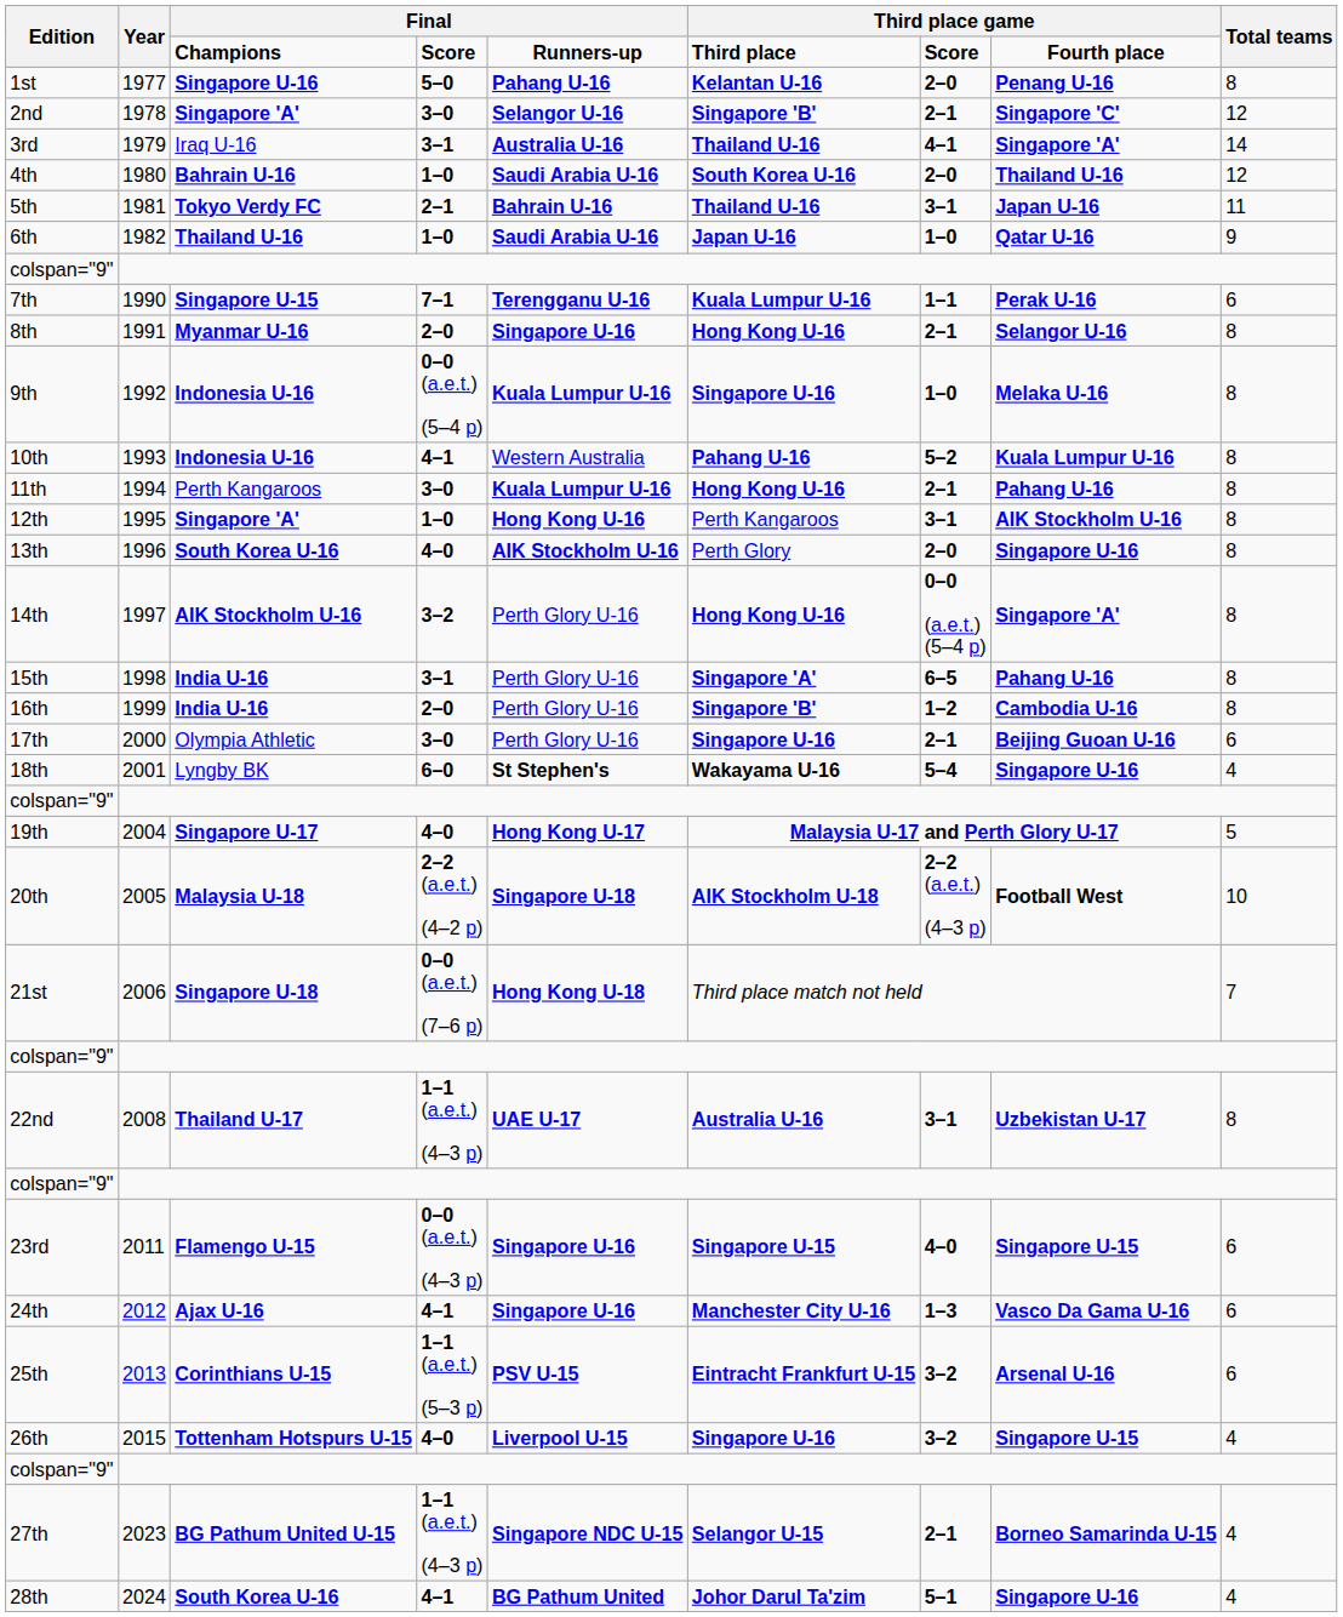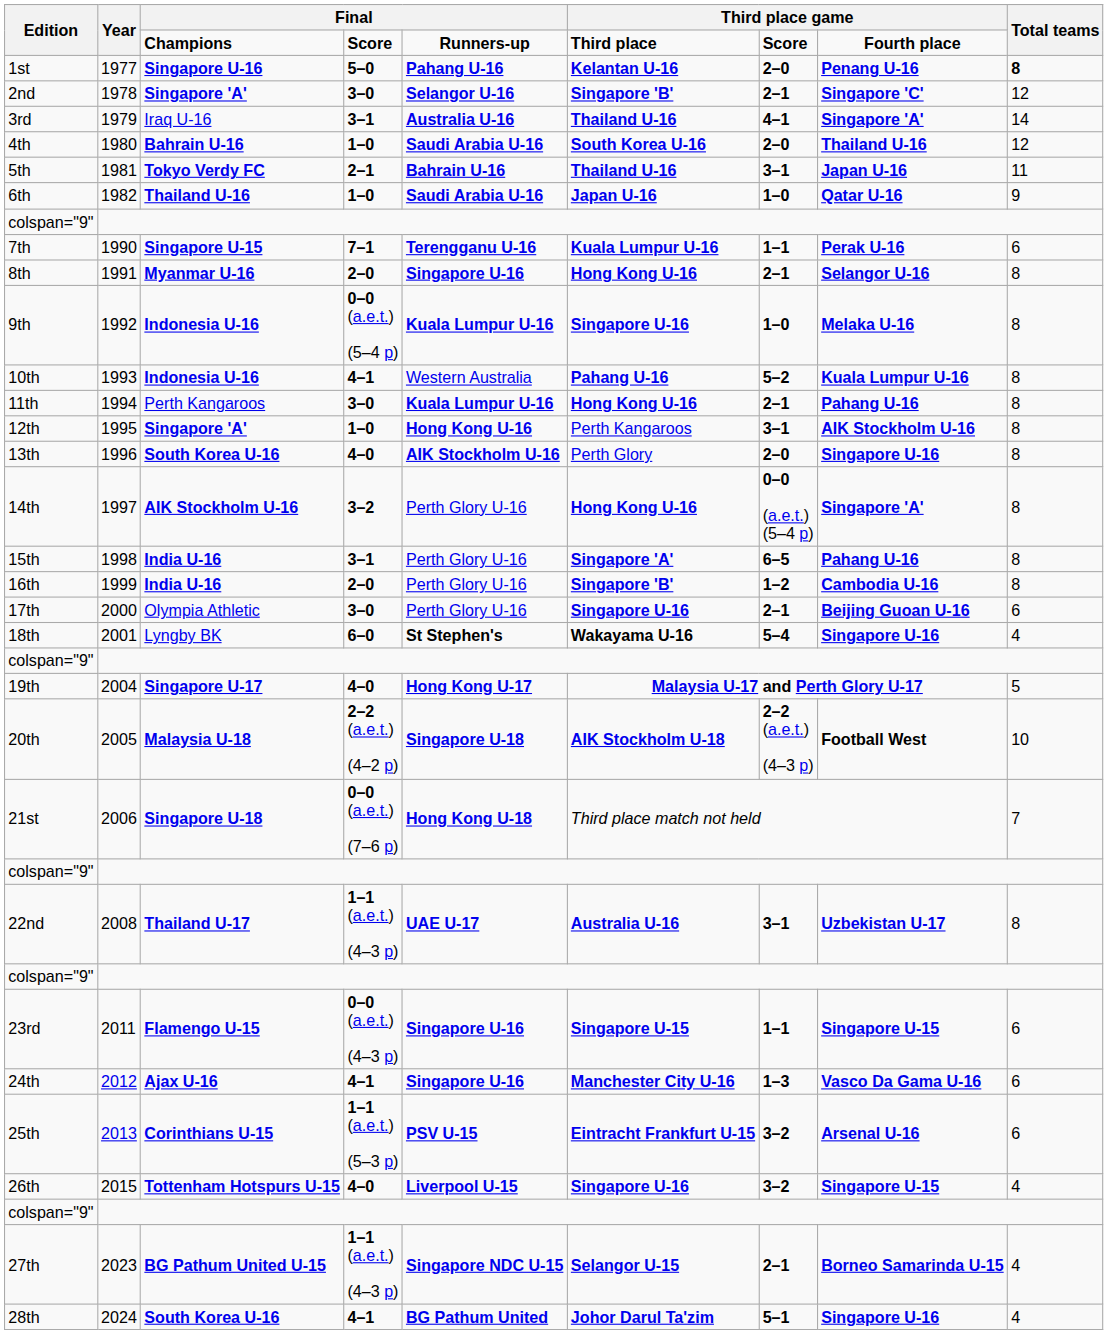 <table class="wikitable defaultcenter col3left col5left col6left col8left" style="font-size: 95%;">
 <tr>
 <th rowspan="2">Edition</th>
 <th rowspan="2">Year</th>
 <th colspan="3">Final</th>
 <th colspan="3">Third place game</th>
 <th rowspan="2">Total teams</th>
 </tr>
 <tr>
 <td><strong>Champions</strong></td>
 <td><strong>Score</strong></td>
 <td style="text-align:center;"><strong>Runners-up</strong></td>
 <td><strong>Third place</strong></td>
 <td><strong>Score</strong></td>
 <td style="text-align:center;"><strong>Fourth place</strong></td>
 </tr>
 <tr>
 <td>1st</td>
 <td>1977</td>
 <td><strong> <a href='#'>Singapore U-16</a></strong></td>
 <td><strong>5–0</strong></td>
 <td><strong> <a href='#'>Pahang U-16</a></strong></td>
 <td><strong> <a href='#'>Kelantan U-16</a></strong></td>
 <td><strong>2–0</strong></td>
 <td><strong> <a href='#'>Penang U-16</a></strong></td>
-<td>8</td>
+<td><strong>8</strong></td>
 </tr>
 <tr>
 <td>2nd</td>
 <td>1978</td>
 <td><strong> <a href='#'>Singapore 'A'</a></strong></td>
 <td><strong>3–0</strong></td>
 <td><strong> <a href='#'>Selangor U-16</a></strong></td>
 <td><strong> <a href='#'>Singapore 'B'</a></strong></td>
 <td><strong>2–1</strong></td>
 <td><strong> <a href='#'>Singapore 'C'</a></strong></td>
 <td>12</td>
 </tr>
 <tr>
 <td>3rd</td>
 <td>1979</td>
 <td><strong></strong> <a href='#'>Iraq U-16</a></td>
 <td><strong>3–1</strong></td>
 <td><strong> <a href='#'>Australia U-16</a></strong></td>
 <td><strong> <a href='#'>Thailand U-16</a></strong></td>
 <td><strong>4–1</strong></td>
 <td><strong> <a href='#'>Singapore 'A'</a></strong></td>
 <td>14</td>
 </tr>
 <tr>
 <td>4th</td>
 <td>1980</td>
 <td><strong> <a href='#'>Bahrain U-16</a></strong></td>
 <td><strong>1–0</strong></td>
 <td><strong> <a href='#'>Saudi Arabia U-16</a></strong></td>
 <td><strong> <a href='#'>South Korea U-16</a></strong></td>
 <td><strong>2–0</strong></td>
 <td><strong> <a href='#'>Thailand U-16</a></strong></td>
 <td>12</td>
 </tr>
 <tr>
 <td>5th</td>
 <td>1981</td>
 <td><strong> <a href='#'>Tokyo Verdy FC</a></strong></td>
 <td><strong>2–1</strong></td>
 <td><strong> <a href='#'>Bahrain U-16</a></strong></td>
 <td><strong> <a href='#'>Thailand U-16</a></strong></td>
 <td><strong>3–1</strong></td>
 <td><strong> <a href='#'>Japan U-16</a></strong></td>
 <td>11</td>
 </tr>
 <tr>
 <td>6th</td>
 <td>1982</td>
 <td><strong> <a href='#'>Thailand U-16</a></strong></td>
 <td><strong>1–0</strong></td>
 <td><strong> <a href='#'>Saudi Arabia U-16</a></strong></td>
 <td><strong> <a href='#'>Japan U-16</a></strong></td>
 <td><strong>1–0</strong></td>
 <td><strong> <a href='#'>Qatar U-16</a></strong></td>
 <td>9</td>
 </tr>
 <tr>
 <td>colspan="9" </td>
 </tr>
 <tr>
 <td>7th</td>
 <td>1990</td>
 <td><strong> <a href='#'>Singapore U-15</a></strong></td>
 <td><strong>7–1</strong></td>
 <td><strong> <a href='#'>Terengganu U-16</a></strong></td>
 <td><strong> <a href='#'>Kuala Lumpur U-16</a></strong></td>
 <td><strong>1–1</strong></td>
 <td><strong> <a href='#'>Perak U-16</a></strong></td>
 <td>6</td>
 </tr>
 <tr>
 <td>8th</td>
 <td>1991</td>
 <td><strong> <a href='#'>Myanmar U-16</a></strong></td>
 <td><strong>2–0</strong></td>
 <td><strong> <a href='#'>Singapore U-16</a></strong></td>
 <td><strong> <a href='#'>Hong Kong U-16</a></strong></td>
 <td><strong>2–1</strong></td>
 <td><strong> <a href='#'>Selangor U-16</a></strong></td>
 <td>8</td>
 </tr>
 <tr>
 <td>9th</td>
 <td>1992</td>
 <td><strong> <a href='#'>Indonesia U-16</a></strong></td>
 <td><strong>0–0</strong><br>(<a href='#'>a.e.t.</a>)<br><br>(5–4 <a href='#'>p</a>)</td>
 <td><strong> <a href='#'>Kuala Lumpur U-16</a></strong></td>
 <td><strong> <a href='#'>Singapore U-16</a></strong></td>
 <td><strong>1–0</strong></td>
 <td><strong> <a href='#'>Melaka U-16</a></strong></td>
 <td>8</td>
 </tr>
 <tr>
 <td>10th</td>
 <td>1993</td>
 <td><strong> <a href='#'>Indonesia U-16</a></strong></td>
 <td><strong>4–1</strong></td>
 <td><strong></strong> <a href='#'>Western Australia</a></td>
 <td><strong> <a href='#'>Pahang U-16</a></strong></td>
 <td><strong>5–2</strong></td>
 <td><strong> <a href='#'>Kuala Lumpur U-16</a></strong></td>
 <td>8</td>
 </tr>
 <tr>
 <td>11th</td>
 <td>1994</td>
 <td><strong></strong> <a href='#'>Perth Kangaroos</a></td>
 <td><strong>3–0</strong></td>
 <td><strong> <a href='#'>Kuala Lumpur U-16</a></strong></td>
 <td><strong> <a href='#'>Hong Kong U-16</a></strong></td>
 <td><strong>2–1</strong></td>
 <td><strong> <a href='#'>Pahang U-16</a></strong></td>
 <td>8</td>
 </tr>
 <tr>
 <td>12th</td>
 <td>1995</td>
 <td><strong> <a href='#'>Singapore 'A'</a></strong></td>
 <td><strong>1–0</strong></td>
 <td><strong> <a href='#'>Hong Kong U-16</a></strong></td>
 <td><strong></strong> <a href='#'>Perth Kangaroos</a></td>
 <td><strong>3–1</strong></td>
 <td><strong> <a href='#'>AIK Stockholm U-16</a></strong></td>
 <td>8</td>
 </tr>
 <tr>
 <td>13th</td>
 <td>1996</td>
 <td><strong> <a href='#'>South Korea U-16</a></strong></td>
 <td><strong>4–0</strong></td>
 <td><strong> <a href='#'>AIK Stockholm U-16</a></strong></td>
 <td><strong></strong> <a href='#'>Perth Glory</a></td>
 <td><strong>2–0</strong></td>
 <td><strong> <a href='#'>Singapore U-16</a></strong></td>
 <td>8</td>
 </tr>
 <tr>
 <td>14th</td>
 <td>1997</td>
 <td><strong> <a href='#'>AIK Stockholm U-16</a></strong></td>
 <td><strong>3–2</strong></td>
 <td><strong></strong> <a href='#'>Perth Glory U-16</a></td>
 <td><strong> <a href='#'>Hong Kong U-16</a></strong></td>
 <td><strong>0–0</strong><br><br>(<a href='#'>a.e.t.</a>)<br> (5–4 <a href='#'>p</a>)</td>
 <td><strong> <a href='#'>Singapore 'A'</a></strong></td>
 <td>8</td>
 </tr>
 <tr>
 <td>15th</td>
 <td>1998</td>
 <td><strong> <a href='#'>India U-16</a></strong></td>
 <td><strong>3–1</strong></td>
 <td><strong></strong> <a href='#'>Perth Glory U-16</a></td>
 <td><strong> <a href='#'>Singapore 'A'</a></strong></td>
 <td><strong>6–5</strong></td>
 <td><strong> <a href='#'>Pahang U-16</a></strong></td>
 <td>8</td>
 </tr>
 <tr>
 <td>16th</td>
 <td>1999</td>
 <td><strong> <a href='#'>India U-16</a></strong></td>
 <td><strong>2–0</strong></td>
 <td><strong></strong> <a href='#'>Perth Glory U-16</a></td>
 <td><strong> <a href='#'>Singapore 'B'</a></strong></td>
 <td><strong>1–2</strong></td>
 <td><strong> <a href='#'>Cambodia U-16</a></strong></td>
 <td>8</td>
 </tr>
 <tr>
 <td>17th</td>
 <td>2000</td>
 <td><strong></strong> <a href='#'>Olympia Athletic</a></td>
 <td><strong>3–0</strong></td>
 <td><strong></strong> <a href='#'>Perth Glory U-16</a></td>
 <td><strong> <a href='#'>Singapore U-16</a></strong></td>
 <td><strong>2–1</strong></td>
 <td><strong> <a href='#'>Beijing Guoan U-16</a></strong></td>
 <td>6</td>
 </tr>
 <tr>
 <td>18th</td>
 <td>2001</td>
 <td><strong></strong> <a href='#'>Lyngby BK</a></td>
 <td><strong>6–0</strong></td>
 <td><strong> St Stephen's</strong></td>
 <td><strong> Wakayama U-16</strong></td>
 <td><strong>5–4</strong></td>
 <td><strong> <a href='#'>Singapore U-16</a></strong></td>
 <td>4</td>
 </tr>
 <tr>
 <td>colspan="9" </td>
 </tr>
 <tr>
 <td>19th</td>
 <td>2004</td>
 <td><strong> <a href='#'>Singapore U-17</a></strong></td>
 <td><strong>4–0</strong></td>
 <td><strong> <a href='#'>Hong Kong U-17</a></strong></td>
 <td style="text-align:center;" colspan="3"><strong> <a href='#'>Malaysia U-17</a> and  <a href='#'>Perth Glory U-17</a></strong></td>
 <td>5</td>
 </tr>
 <tr>
 <td>20th</td>
 <td>2005</td>
 <td><strong> <a href='#'>Malaysia U-18</a></strong></td>
 <td><strong>2–2</strong><br>(<a href='#'>a.e.t.</a>)<br><br>(4–2 <a href='#'>p</a>)</td>
 <td><strong> <a href='#'>Singapore U-18</a></strong></td>
 <td><strong> <a href='#'>AIK Stockholm U-18</a></strong></td>
 <td><strong>2–2</strong><br>(<a href='#'>a.e.t.</a>)<br><br>(4–3 <a href='#'>p</a>)</td>
 <td><strong>  Football West</strong></td>
 <td>10</td>
 </tr>
 <tr>
 <td>21st</td>
 <td>2006</td>
 <td><strong> <a href='#'>Singapore U-18</a></strong></td>
 <td><strong>0–0</strong><br>(<a href='#'>a.e.t.</a>)<br><br>(7–6 <a href='#'>p</a>)</td>
 <td><strong> <a href='#'>Hong Kong U-18</a></strong></td>
 <td colspan="3"><em>Third place match not held</em></td>
 <td>7</td>
 </tr>
 <tr>
 <td>colspan="9" </td>
 </tr>
 <tr>
 <td>22nd</td>
 <td>2008</td>
 <td><strong> <a href='#'>Thailand U-17</a></strong></td>
 <td><strong>1–1</strong><br>(<a href='#'>a.e.t.</a>)<br><br>(4–3 <a href='#'>p</a>)</td>
 <td><strong> <a href='#'>UAE U-17</a></strong></td>
 <td><strong> <a href='#'>Australia U-16</a></strong></td>
 <td><strong>3–1</strong></td>
 <td><strong> <a href='#'>Uzbekistan U-17</a></strong></td>
 <td>8</td>
 </tr>
 <tr>
 <td>colspan="9" </td>
 </tr>
 <tr>
 <td>23rd</td>
 <td>2011</td>
 <td><strong> <a href='#'>Flamengo U-15</a></strong></td>
 <td><strong>0–0</strong><br>(<a href='#'>a.e.t.</a>)<br><br>(4–3 <a href='#'>p</a>)</td>
 <td><strong> <a href='#'>Singapore U-16</a></strong></td>
 <td><strong> <a href='#'>Singapore U-15</a></strong></td>
-<td><strong>4–0</strong></td>
+<td><strong>1–1</strong></td>
 <td><strong> <a href='#'>Singapore U-15</a></strong></td>
 <td>6</td>
 </tr>
 <tr>
 <td>24th</td>
 <td><a href='#'>2012</a></td>
 <td><strong> <a href='#'>Ajax U-16</a></strong></td>
 <td><strong>4–1</strong></td>
 <td><strong> <a href='#'>Singapore U-16</a></strong></td>
 <td><strong> <a href='#'>Manchester City U-16</a></strong></td>
 <td><strong>1–3</strong></td>
 <td><strong> <a href='#'>Vasco Da Gama U-16</a></strong></td>
 <td>6</td>
 </tr>
 <tr>
 <td>25th</td>
 <td><a href='#'>2013</a></td>
 <td><strong> <a href='#'>Corinthians U-15</a></strong></td>
 <td><strong>1–1</strong><br>(<a href='#'>a.e.t.</a>)<br><br>(5–3 <a href='#'>p</a>)</td>
 <td><strong> <a href='#'>PSV U-15</a></strong></td>
 <td><strong> <a href='#'>Eintracht Frankfurt U-15</a></strong></td>
 <td><strong>3–2</strong></td>
 <td><strong> <a href='#'>Arsenal U-16</a></strong></td>
 <td>6</td>
 </tr>
 <tr>
 <td>26th</td>
 <td>2015</td>
 <td><strong> <a href='#'>Tottenham Hotspurs U-15</a></strong></td>
 <td><strong>4–0</strong></td>
 <td><strong> <a href='#'>Liverpool U-15</a></strong></td>
 <td><strong> <a href='#'>Singapore U-16</a></strong></td>
 <td><strong>3–2</strong></td>
 <td><strong> <a href='#'>Singapore U-15</a></strong></td>
 <td>4</td>
 </tr>
 <tr>
 <td>colspan="9" </td>
 </tr>
 <tr>
 <td>27th</td>
 <td>2023</td>
 <td><strong> <a href='#'>BG Pathum United U-15</a></strong></td>
 <td><strong>1–1</strong><br>(<a href='#'>a.e.t.</a>)<br><br>(4–3 <a href='#'>p</a>)</td>
 <td><strong> <a href='#'>Singapore NDC U-15</a></strong></td>
 <td><strong> <a href='#'>Selangor U-15</a></strong></td>
 <td><strong>2–1</strong></td>
 <td><strong> <a href='#'>Borneo Samarinda U-15</a></strong></td>
 <td>4</td>
 </tr>
 <tr>
 <td>28th</td>
 <td>2024</td>
 <td><strong> <a href='#'>South Korea U-16</a></strong></td>
 <td><strong>4–1</strong></td>
 <td><strong> <a href='#'>BG Pathum United</a></strong></td>
 <td><strong> <a href='#'>Johor Darul Ta'zim</a></strong></td>
 <td><strong>5–1</strong></td>
 <td><strong> <a href='#'>Singapore U-16</a></strong></td>
 <td>4</td>
 </tr>
 </table>
